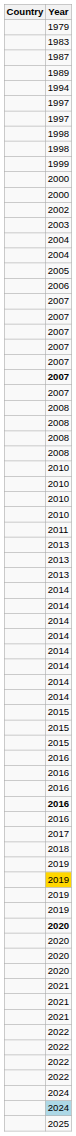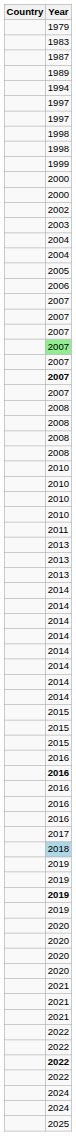 <table class="wikitable sortable">
 <tr>
 <th scope="col">Country</th>
 <th scope="col">Year</th>
 </tr>
 <tr>
 <td></td>
 <td>1979</td>
 </tr>
 <tr>
 <td></td>
 <td>1983</td>
 </tr>
 <tr>
 <td></td>
 <td>1987</td>
 </tr>
 <tr>
 <td></td>
 <td>1989</td>
 </tr>
 <tr>
 <td></td>
 <td>1994</td>
 </tr>
 <tr>
 <td></td>
 <td>1997</td>
 </tr>
 <tr>
 <td></td>
 <td>1997</td>
 </tr>
 <tr>
 <td></td>
 <td>1998</td>
 </tr>
 <tr>
 <td></td>
 <td>1998</td>
 </tr>
 <tr>
 <td></td>
 <td>1999</td>
 </tr>
 <tr>
 <td></td>
 <td>2000</td>
 </tr>
 <tr>
 <td></td>
 <td>2000</td>
 </tr>
 <tr>
 <td></td>
 <td>2002</td>
 </tr>
 <tr>
 <td></td>
 <td>2003</td>
 </tr>
 <tr>
 <td></td>
 <td>2004</td>
 </tr>
 <tr>
 <td></td>
 <td>2004</td>
 </tr>
 <tr>
 <td></td>
 <td>2005</td>
 </tr>
 <tr>
 <td></td>
 <td>2006</td>
 </tr>
 <tr>
 <td></td>
 <td>2007</td>
 </tr>
 <tr>
 <td></td>
 <td>2007</td>
 </tr>
 <tr>
 <td></td>
 <td>2007</td>
 </tr>
 <tr>
 <td></td>
-<td>2007</td>
+<td style="background: lightgreen;">2007</td>
 </tr>
 <tr>
 <td></td>
 <td>2007</td>
 </tr>
 <tr>
 <td></td>
 <td><strong>2007</strong></td>
 </tr>
 <tr>
 <td></td>
 <td>2007</td>
 </tr>
 <tr>
 <td></td>
 <td>2008</td>
 </tr>
 <tr>
 <td></td>
 <td>2008</td>
 </tr>
 <tr>
 <td></td>
 <td>2008</td>
 </tr>
 <tr>
 <td></td>
 <td>2008</td>
 </tr>
 <tr>
 <td></td>
 <td>2010</td>
 </tr>
 <tr>
 <td></td>
 <td>2010</td>
 </tr>
 <tr>
 <td></td>
 <td>2010</td>
 </tr>
 <tr>
 <td></td>
 <td>2010</td>
 </tr>
 <tr>
 <td></td>
 <td>2011</td>
 </tr>
 <tr>
 <td></td>
 <td>2013</td>
 </tr>
 <tr>
 <td></td>
 <td>2013</td>
 </tr>
 <tr>
 <td></td>
 <td>2013</td>
 </tr>
 <tr>
 <td></td>
 <td>2014</td>
 </tr>
 <tr>
 <td></td>
 <td>2014</td>
 </tr>
 <tr>
 <td></td>
 <td>2014</td>
 </tr>
 <tr>
 <td></td>
 <td>2014</td>
 </tr>
 <tr>
 <td></td>
 <td>2014</td>
 </tr>
 <tr>
 <td></td>
 <td>2014</td>
 </tr>
 <tr>
 <td></td>
 <td>2014</td>
 </tr>
 <tr>
 <td></td>
 <td>2014</td>
 </tr>
 <tr>
 <td></td>
 <td>2015</td>
 </tr>
 <tr>
 <td></td>
 <td>2015</td>
 </tr>
 <tr>
 <td></td>
 <td>2015</td>
 </tr>
 <tr>
 <td></td>
 <td>2016</td>
 </tr>
 <tr>
 <td></td>
-<td>2016</td>
+<td><strong>2016</strong></td>
 </tr>
 <tr>
 <td></td>
 <td>2016</td>
 </tr>
 <tr>
 <td><em></em></td>
-<td><strong>2016</strong></td>
+<td>2016</td>
 </tr>
 <tr>
 <td></td>
 <td>2016</td>
 </tr>
 <tr>
 <td></td>
 <td>2017</td>
 </tr>
 <tr>
 <td></td>
-<td>2018</td>
-</tr>
-<tr>
-<td></td>
-<td>2019</td>
-</tr>
-<tr>
-<td></td>
-<td style="background: gold;">2019</td>
+<td style="background: lightblue;">2018</td>
 </tr>
 <tr>
 <td></td>
 <td>2019</td>
 </tr>
 <tr>
 <td></td>
 <td>2019</td>
 </tr>
 <tr>
 <td></td>
-<td><strong>2020</strong></td>
+<td><strong>2019</strong></td>
+</tr>
+<tr>
+<td></td>
+<td>2019</td>
+</tr>
+<tr>
+<td></td>
+<td>2020</td>
 </tr>
 <tr>
 <td></td>
 <td>2020</td>
 </tr>
 <tr>
 <td></td>
 <td>2020</td>
 </tr>
 <tr>
 <td></td>
 <td>2020</td>
 </tr>
 <tr>
 <td></td>
 <td>2021</td>
 </tr>
 <tr>
 <td></td>
 <td>2021</td>
 </tr>
 <tr>
 <td></td>
 <td>2021</td>
 </tr>
 <tr>
 <td></td>
 <td>2022</td>
 </tr>
 <tr>
 <td></td>
 <td>2022</td>
 </tr>
 <tr>
 <td></td>
-<td>2022</td>
+<td><strong>2022</strong></td>
 </tr>
 <tr>
 <td></td>
 <td>2022</td>
 </tr>
 <tr>
 <td></td>
 <td>2024</td>
 </tr>
 <tr>
 <td></td>
-<td style="background: lightblue;">2024</td>
+<td>2024</td>
 </tr>
 <tr>
 <td></td>
 <td>2025</td>
 </tr>
 </table>
